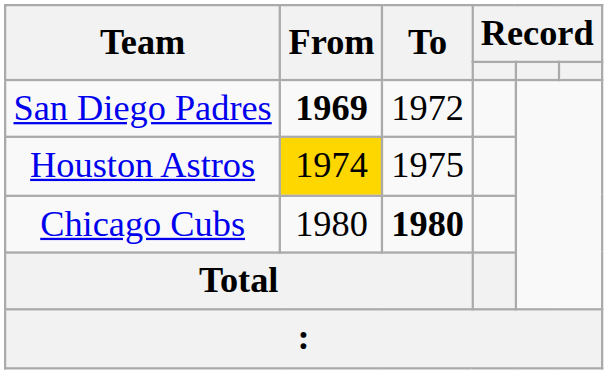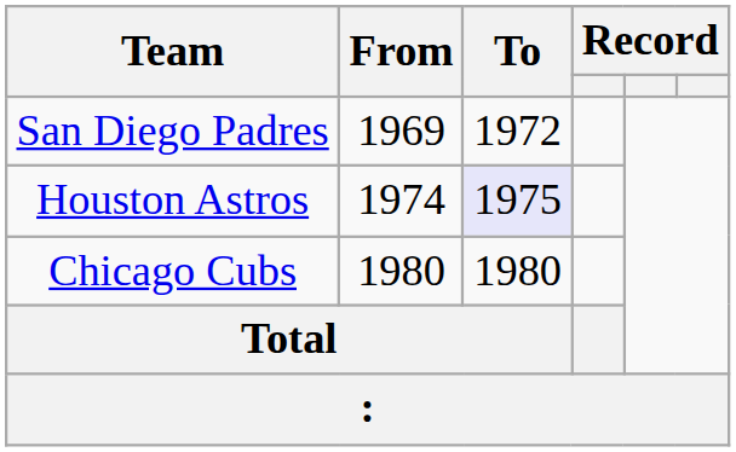 <table class="wikitable" Style="text-align: center">
 <tr>
 <th rowspan="2">Team</th>
 <th rowspan="2">From</th>
 <th rowspan="2">To</th>
 <th colspan="3">Record</th>
 </tr>
 <tr>
 <th></th>
 <th></th>
 <th></th>
 </tr>
 <tr>
 <td><a href='#'>San Diego Padres</a></td>
-<td><strong>1969</strong></td>
+<td>1969</td>
 <td>1972</td>
 <td></td>
 </tr>
 <tr>
 <td><a href='#'>Houston Astros</a></td>
-<td style="background: gold;">1974</td>
-<td>1975</td>
+<td>1974</td>
+<td style="background: lavender;">1975</td>
 <td></td>
 </tr>
 <tr>
 <td><a href='#'>Chicago Cubs</a></td>
 <td>1980</td>
-<td><strong>1980</strong></td>
+<td>1980</td>
 <td></td>
 </tr>
 <tr>
 <th colspan="3">Total</th>
 <th></th>
 </tr>
 <tr>
 <th colspan="6">:</th>
 </tr>
 </table>
